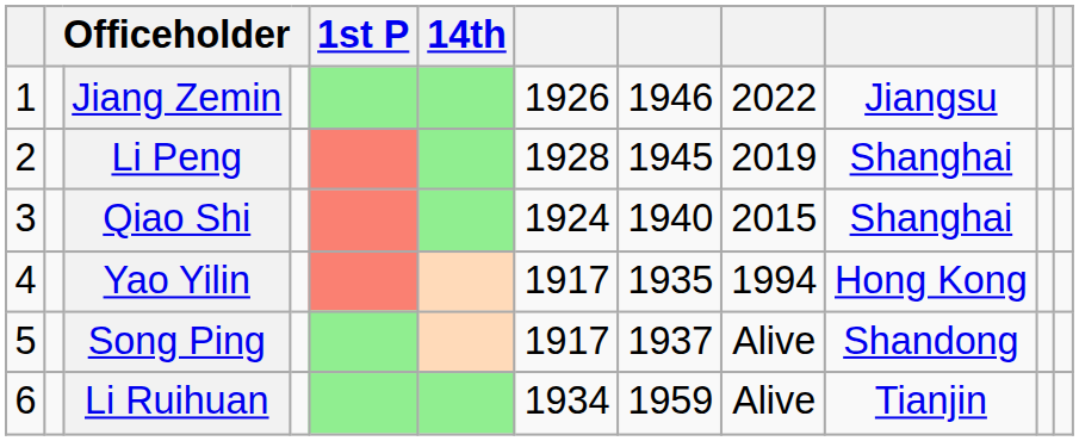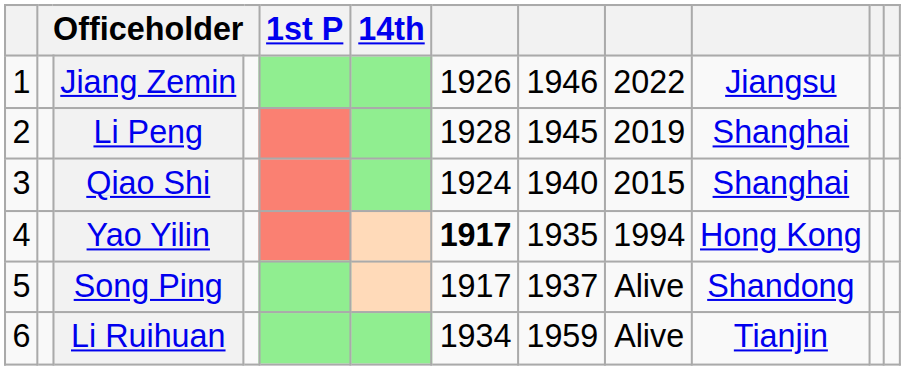 <table class="wikitable sortable" style=text-align:center>
 <tr>
 <th scope=col></th>
 <th scope=col colspan="3">Officeholder</th>
 <th scope=col><a href='#'>1st P</a></th>
 <th scope=col><a href='#'>14th</a></th>
 <th scope=col></th>
 <th scope=col></th>
 <th scope=col></th>
 <th scope=col></th>
 <th scope=col></th>
 <th scope=col class="unsortable"></th>
 </tr>
 <tr>
 <td>1</td>
 <td></td>
 <th align="center" scope="row" style="font-weight:normal;"><a href='#'>Jiang Zemin</a></th>
 <td></td>
 <td bgcolor = LightGreen></td>
 <td bgcolor = LightGreen></td>
 <td>1926</td>
 <td>1946</td>
 <td>2022</td>
 <td><a href='#'>Jiangsu</a></td>
 <td></td>
 <td></td>
 </tr>
 <tr>
 <td>2</td>
 <td></td>
 <th align="center" scope="row" style="font-weight:normal;"><a href='#'>Li Peng</a></th>
 <td></td>
 <td bgcolor = Salmon></td>
 <td bgcolor = LightGreen></td>
 <td>1928</td>
 <td>1945</td>
 <td>2019</td>
 <td><a href='#'>Shanghai</a></td>
 <td></td>
 <td></td>
 </tr>
 <tr>
 <td>3</td>
 <td></td>
 <th align="center" scope="row" style="font-weight:normal;"><a href='#'>Qiao Shi</a></th>
 <td></td>
 <td bgcolor = Salmon></td>
 <td bgcolor = LightGreen></td>
 <td>1924</td>
 <td>1940</td>
 <td>2015</td>
 <td><a href='#'>Shanghai</a></td>
 <td></td>
 <td></td>
 </tr>
 <tr>
 <td>4</td>
 <td></td>
 <th align="center" scope="row" style="font-weight:normal;"><a href='#'>Yao Yilin</a></th>
 <td></td>
 <td bgcolor = Salmon></td>
 <td bgcolor = PeachPuff></td>
-<td>1917</td>
+<td><strong>1917</strong></td>
 <td>1935</td>
 <td>1994</td>
 <td><a href='#'>Hong Kong</a></td>
 <td></td>
 <td></td>
 </tr>
 <tr>
 <td>5</td>
 <td></td>
 <th align="center" scope="row" style="font-weight:normal;"><a href='#'>Song Ping</a></th>
 <td></td>
 <td bgcolor = LightGreen></td>
 <td bgcolor = PeachPuff></td>
 <td>1917</td>
 <td>1937</td>
 <td>Alive</td>
 <td><a href='#'>Shandong</a></td>
 <td></td>
 <td></td>
 </tr>
 <tr>
 <td>6</td>
 <td></td>
 <th align="center" scope="row" style="font-weight:normal;"><a href='#'>Li Ruihuan</a></th>
 <td></td>
 <td bgcolor = LightGreen></td>
 <td bgcolor = LightGreen></td>
 <td>1934</td>
 <td>1959</td>
 <td>Alive</td>
 <td><a href='#'>Tianjin</a></td>
 <td></td>
 <td></td>
 </tr>
 </table>
